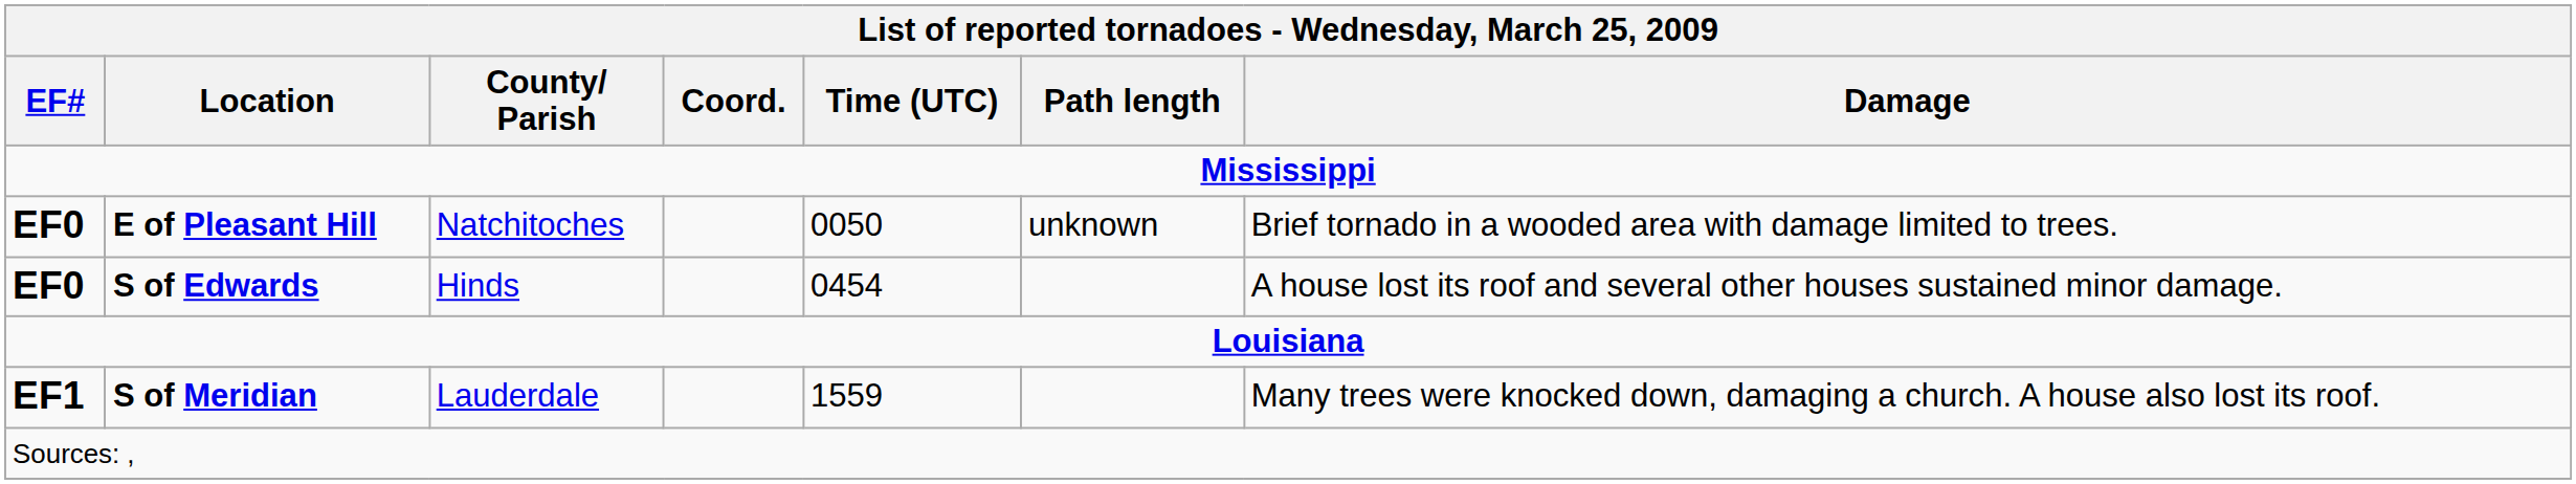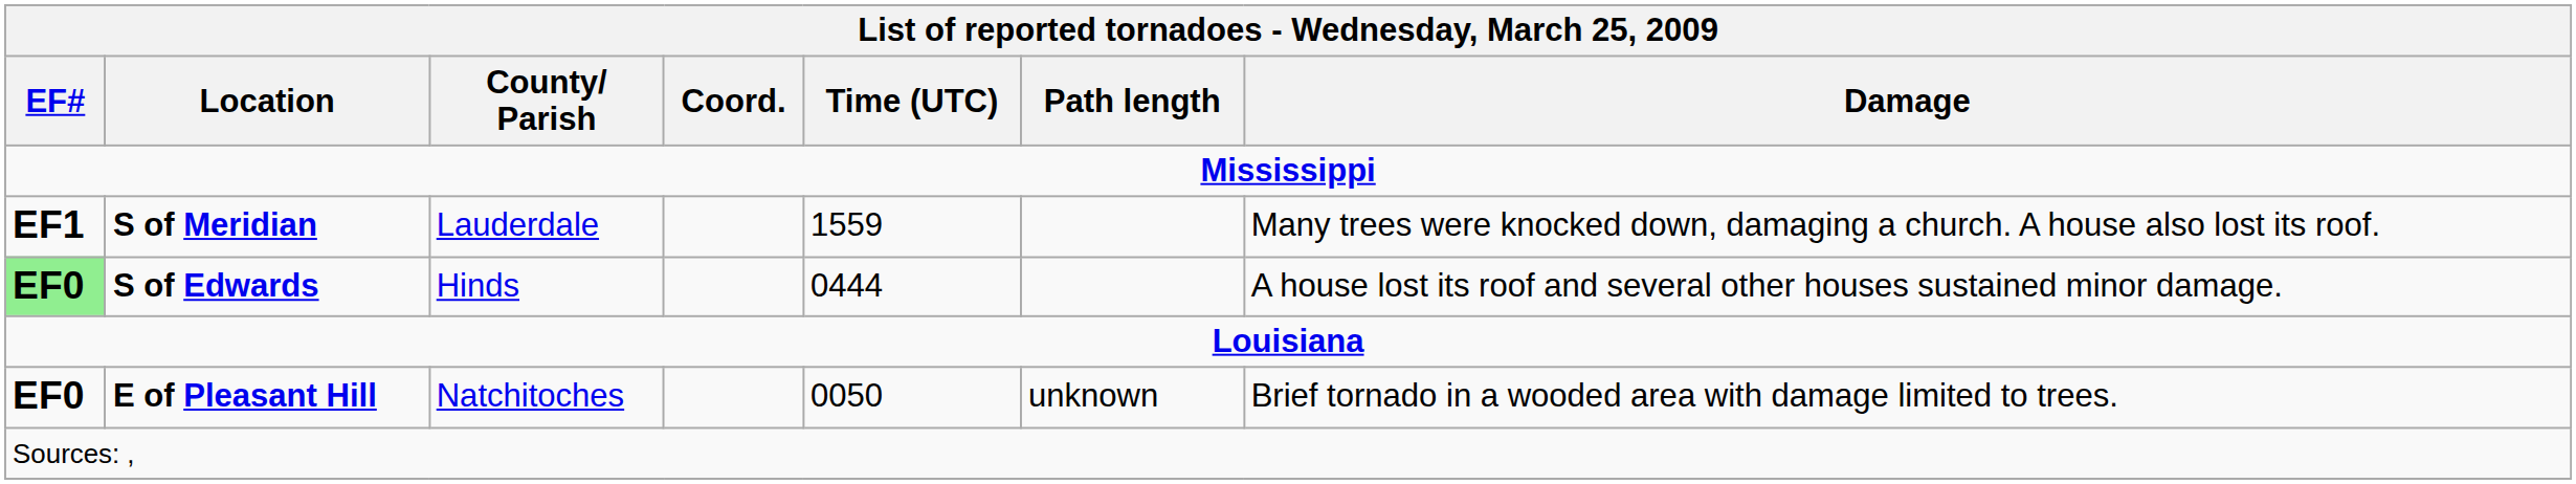 <table class="wikitable collapsible" width="100%">
 <tr>
 <th colspan="7">List of reported tornadoes - Wednesday, March 25, 2009</th>
 </tr>
 <tr>
 <th><a href='#'>EF#</a></th>
 <th>Location</th>
 <th>County/<br>Parish</th>
 <th>Coord.</th>
 <th>Time (UTC)</th>
 <th>Path length</th>
 <th>Damage</th>
 </tr>
 <tr>
 <td colspan="7" align=center><strong><a href='#'>Mississippi</a></strong></td>
 </tr>
 <tr>
+<td><big><strong>EF1</strong></big></td>
+<td><strong>S of <a href='#'>Meridian</a></strong></td>
+<td><a href='#'>Lauderdale</a></td>
+<td></td>
+<td>1559</td>
+<td></td>
+<td>Many trees were knocked down, damaging a church. A house also lost its roof.</td>
+</tr>
+<tr>
+<td style="background: lightgreen;"><big><strong>EF0</strong></big></td>
+<td><strong>S of <a href='#'>Edwards</a></strong></td>
+<td><a href='#'>Hinds</a></td>
+<td></td>
+<td>0444</td>
+<td></td>
+<td>A house lost its roof and several other houses sustained minor damage.</td>
+</tr>
+<tr>
+<td colspan="7" align=center><strong><a href='#'>Louisiana</a></strong></td>
+</tr>
+<tr>
 <td><big><strong>EF0</strong></big></td>
 <td><strong>E of <a href='#'>Pleasant Hill</a></strong></td>
 <td><a href='#'>Natchitoches</a></td>
 <td></td>
 <td>0050</td>
 <td>unknown</td>
 <td>Brief tornado in a wooded area with damage limited to trees.</td>
 </tr>
 <tr>
-<td><big><strong>EF0</strong></big></td>
-<td><strong>S of <a href='#'>Edwards</a></strong></td>
-<td><a href='#'>Hinds</a></td>
-<td></td>
-<td>0454</td>
-<td></td>
-<td>A house lost its roof and several other houses sustained minor damage.</td>
-</tr>
-<tr>
-<td colspan="7" align=center><strong><a href='#'>Louisiana</a></strong></td>
-</tr>
-<tr>
-<td><big><strong>EF1</strong></big></td>
-<td><strong>S of <a href='#'>Meridian</a></strong></td>
-<td><a href='#'>Lauderdale</a></td>
-<td></td>
-<td>1559</td>
-<td></td>
-<td>Many trees were knocked down, damaging a church. A house also lost its roof.</td>
-</tr>
-<tr>
 <td colspan="7"><small>Sources: , </small></td>
 </tr>
 <tr>
 </tr>
 </table>
